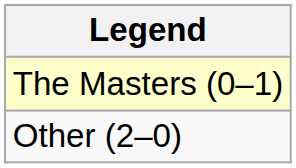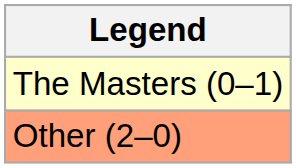 <table class="wikitable">
 <tr>
 <th>Legend</th>
 </tr>
 <tr style="background:#ffc;">
 <td>The Masters (0–1)</td>
 </tr>
 <tr>
-<td>Other (2–0)</td>
+<td style="background: lightsalmon;">Other (2–0)</td>
 </tr>
 </table>
